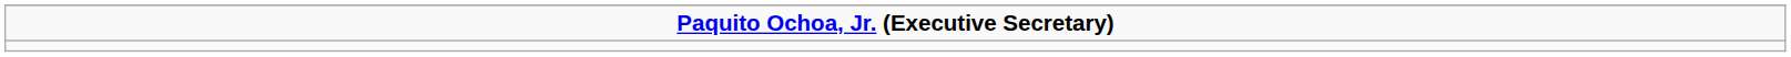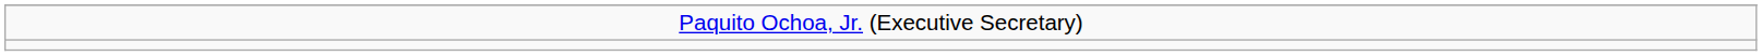 <table class="wikitable collapsible" style="text-align:center; font-size:95%; width:60%;">
 <tr>
 </tr>
 <tr>
-<td><strong><a href='#'>Paquito Ochoa, Jr.</a> (Executive Secretary)<br></strong></td>
+<td><a href='#'>Paquito Ochoa, Jr.</a> (Executive Secretary)<br></td>
 </tr>
 <tr>
 <td></td>
 </tr>
 </table>
